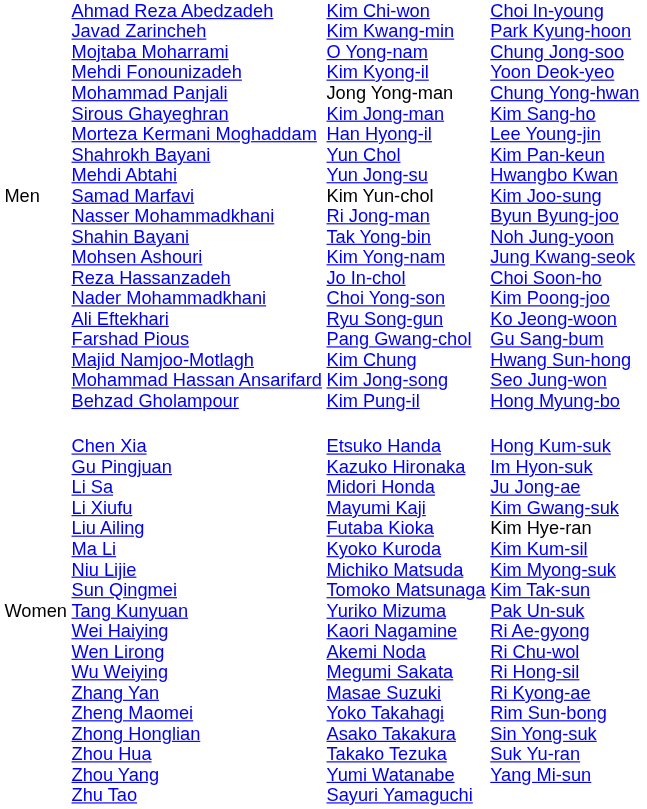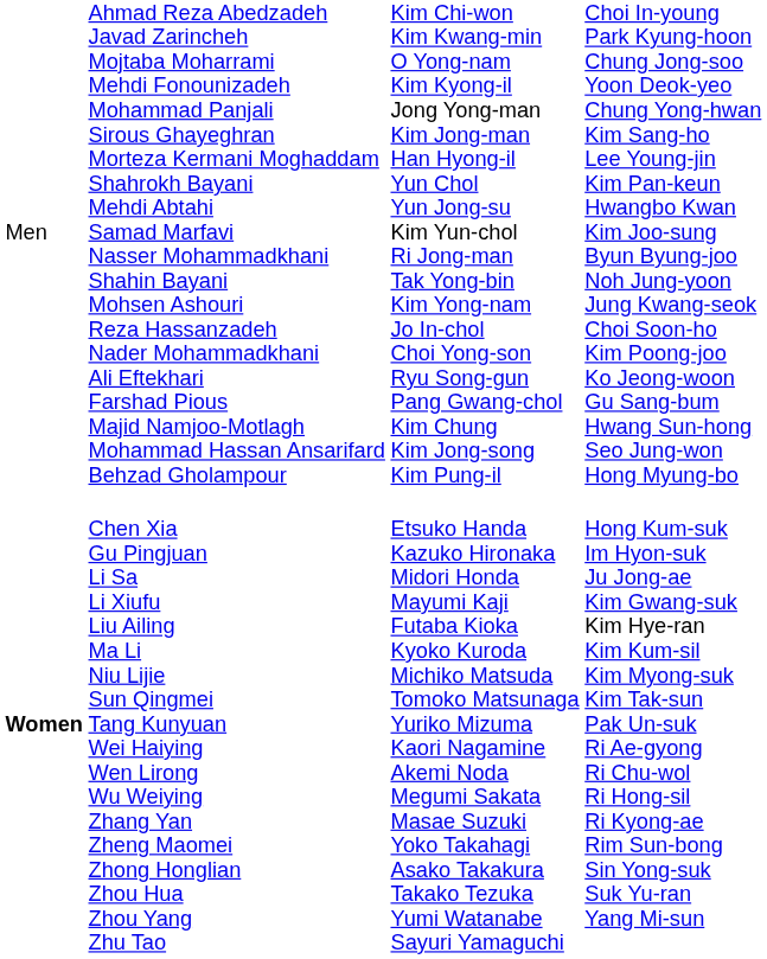 <table>
 <tr>
 <td>Men<br></td>
 <td><br><a href='#'>Ahmad Reza Abedzadeh</a><br><a href='#'>Javad Zarincheh</a><br><a href='#'>Mojtaba Moharrami</a><br><a href='#'>Mehdi Fonounizadeh</a><br><a href='#'>Mohammad Panjali</a><br><a href='#'>Sirous Ghayeghran</a><br><a href='#'>Morteza Kermani Moghaddam</a><br><a href='#'>Shahrokh Bayani</a><br><a href='#'>Mehdi Abtahi</a><br><a href='#'>Samad Marfavi</a><br><a href='#'>Nasser Mohammadkhani</a><br><a href='#'>Shahin Bayani</a><br><a href='#'>Mohsen Ashouri</a><br><a href='#'>Reza Hassanzadeh</a><br><a href='#'>Nader Mohammadkhani</a><br><a href='#'>Ali Eftekhari</a><br><a href='#'>Farshad Pious</a><br><a href='#'>Majid Namjoo-Motlagh</a><br><a href='#'>Mohammad Hassan Ansarifard</a><br><a href='#'>Behzad Gholampour</a></td>
 <td><br><a href='#'>Kim Chi-won</a><br><a href='#'>Kim Kwang-min</a><br><a href='#'>O Yong-nam</a><br><a href='#'>Kim Kyong-il</a><br>Jong Yong-man<br><a href='#'>Kim Jong-man</a><br><a href='#'>Han Hyong-il</a><br><a href='#'>Yun Chol</a><br><a href='#'>Yun Jong-su</a><br>Kim Yun-chol<br><a href='#'>Ri Jong-man</a><br><a href='#'>Tak Yong-bin</a><br><a href='#'>Kim Yong-nam</a><br><a href='#'>Jo In-chol</a><br><a href='#'>Choi Yong-son</a><br><a href='#'>Ryu Song-gun</a><br><a href='#'>Pang Gwang-chol</a><br><a href='#'>Kim Chung</a><br><a href='#'>Kim Jong-song</a><br><a href='#'>Kim Pung-il</a></td>
 <td><br><a href='#'>Choi In-young</a><br><a href='#'>Park Kyung-hoon</a><br><a href='#'>Chung Jong-soo</a><br><a href='#'>Yoon Deok-yeo</a><br><a href='#'>Chung Yong-hwan</a><br><a href='#'>Kim Sang-ho</a><br><a href='#'>Lee Young-jin</a><br><a href='#'>Kim Pan-keun</a><br><a href='#'>Hwangbo Kwan</a><br><a href='#'>Kim Joo-sung</a><br><a href='#'>Byun Byung-joo</a><br><a href='#'>Noh Jung-yoon</a><br><a href='#'>Jung Kwang-seok</a><br><a href='#'>Choi Soon-ho</a><br><a href='#'>Kim Poong-joo</a><br><a href='#'>Ko Jeong-woon</a><br><a href='#'>Gu Sang-bum</a><br><a href='#'>Hwang Sun-hong</a><br><a href='#'>Seo Jung-won</a><br><a href='#'>Hong Myung-bo</a></td>
 </tr>
 <tr>
-<td>Women<br></td>
+<td><strong>Women<br></strong></td>
 <td><br><a href='#'>Chen Xia</a><br><a href='#'>Gu Pingjuan</a><br><a href='#'>Li Sa</a><br><a href='#'>Li Xiufu</a><br><a href='#'>Liu Ailing</a><br><a href='#'>Ma Li</a><br><a href='#'>Niu Lijie</a><br><a href='#'>Sun Qingmei</a><br><a href='#'>Tang Kunyuan</a><br><a href='#'>Wei Haiying</a><br><a href='#'>Wen Lirong</a><br><a href='#'>Wu Weiying</a><br><a href='#'>Zhang Yan</a><br><a href='#'>Zheng Maomei</a><br><a href='#'>Zhong Honglian</a><br><a href='#'>Zhou Hua</a><br><a href='#'>Zhou Yang</a><br><a href='#'>Zhu Tao</a></td>
 <td><br><a href='#'>Etsuko Handa</a><br><a href='#'>Kazuko Hironaka</a><br><a href='#'>Midori Honda</a><br><a href='#'>Mayumi Kaji</a><br><a href='#'>Futaba Kioka</a><br><a href='#'>Kyoko Kuroda</a><br><a href='#'>Michiko Matsuda</a><br><a href='#'>Tomoko Matsunaga</a><br><a href='#'>Yuriko Mizuma</a><br><a href='#'>Kaori Nagamine</a><br><a href='#'>Akemi Noda</a><br><a href='#'>Megumi Sakata</a><br><a href='#'>Masae Suzuki</a><br><a href='#'>Yoko Takahagi</a><br><a href='#'>Asako Takakura</a><br><a href='#'>Takako Tezuka</a><br><a href='#'>Yumi Watanabe</a><br><a href='#'>Sayuri Yamaguchi</a></td>
 <td valign=top><br><a href='#'>Hong Kum-suk</a><br><a href='#'>Im Hyon-suk</a><br><a href='#'>Ju Jong-ae</a><br><a href='#'>Kim Gwang-suk</a><br>Kim Hye-ran<br><a href='#'>Kim Kum-sil</a><br><a href='#'>Kim Myong-suk</a><br><a href='#'>Kim Tak-sun</a><br><a href='#'>Pak Un-suk</a><br><a href='#'>Ri Ae-gyong</a><br><a href='#'>Ri Chu-wol</a><br><a href='#'>Ri Hong-sil</a><br><a href='#'>Ri Kyong-ae</a><br><a href='#'>Rim Sun-bong</a><br><a href='#'>Sin Yong-suk</a><br><a href='#'>Suk Yu-ran</a><br><a href='#'>Yang Mi-sun</a></td>
 </tr>
 </table>
